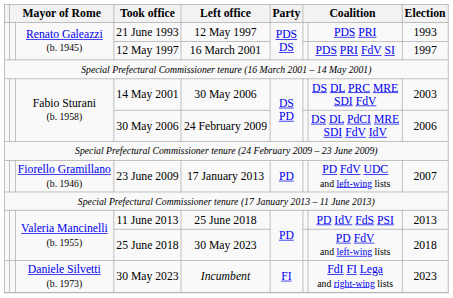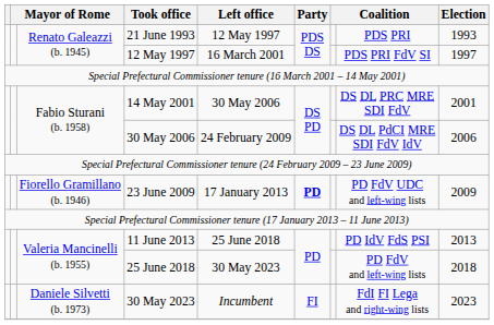 <table class="wikitable" style="text-align: center;">
 <tr>
 <th><br></th>
 <th colspan="2">Mayor of Rome</th>
 <th>Took office</th>
 <th>Left office</th>
 <th>Party</th>
 <th colspan="2">Coalition</th>
 <th>Election</th>
 </tr>
 <tr>
 <td rowspan="2" style="background: "><strong></strong></td>
 <td rowspan="2"></td>
 <td rowspan="2"><a href='#'>Renato Galeazzi</a><br><small>(b. 1945)</small></td>
 <td>21 June 1993</td>
 <td>12 May 1997</td>
 <td rowspan="2"><a href='#'>PDS</a><br><a href='#'>DS</a></td>
 <td style="background: "></td>
 <td><a href='#'>PDS</a>  <a href='#'>PRI</a></td>
 <td>1993</td>
 </tr>
 <tr>
 <td>12 May 1997</td>
 <td>16 March 2001</td>
 <td style="background: "></td>
 <td><a href='#'>PDS</a>  <a href='#'>PRI</a>  <a href='#'>FdV</a>  <a href='#'>SI</a></td>
 <td>1997</td>
 </tr>
 <tr>
 <td colspan="10"><small><em>Special Prefectural Commissioner tenure (16 March 2001 – 14 May 2001)</em></small></td>
 </tr>
 <tr>
 <td rowspan="2" style="background: "><strong></strong></td>
 <td rowspan="2"></td>
 <td rowspan="2">Fabio Sturani<br><small>(b. 1958)</small></td>
 <td>14 May 2001</td>
 <td>30 May 2006</td>
 <td rowspan="2"><a href='#'>DS</a><br><a href='#'>PD</a></td>
 <td style="background: "></td>
 <td><a href='#'>DS</a>  <a href='#'>DL</a>  <a href='#'>PRC</a>  <a href='#'>MRE</a><br><a href='#'>SDI</a>  <a href='#'>FdV</a></td>
-<td>2003</td>
+<td>2001</td>
 </tr>
 <tr>
 <td>30 May 2006</td>
 <td>24 February 2009</td>
 <td style="background: "></td>
 <td><a href='#'>DS</a>  <a href='#'>DL</a>  <a href='#'>PdCI</a>  <a href='#'>MRE</a><br><a href='#'>SDI</a>  <a href='#'>FdV</a>  <a href='#'>IdV</a></td>
 <td>2006</td>
 </tr>
 <tr>
 <td colspan="10"><small><em>Special Prefectural Commissioner tenure (24 February 2009 – 23 June 2009)</em></small></td>
 </tr>
 <tr>
 <td style="background: "><strong></strong></td>
 <td></td>
 <td><a href='#'>Fiorello Gramillano</a><br><small>(b. 1946)</small></td>
 <td>23 June 2009</td>
 <td>17 January 2013</td>
-<td><a href='#'>PD</a></td>
+<td><strong><a href='#'>PD</a></strong></td>
 <td style="background: "></td>
 <td><a href='#'>PD</a>  <a href='#'>FdV</a>  <a href='#'>UDC</a><br><small>and <a href='#'>left-wing</a> lists</small></td>
-<td>2007</td>
+<td>2009</td>
 </tr>
 <tr>
 <td colspan="10"><small><em>Special Prefectural Commissioner tenure (17 January 2013 – 11 June 2013)</em></small></td>
 </tr>
 <tr>
 <td rowspan="2" style="background: "><strong></strong></td>
 <td rowspan="2"></td>
 <td rowspan="2"><a href='#'>Valeria Mancinelli</a><br><small>(b. 1955)</small></td>
 <td>11 June 2013</td>
 <td>25 June 2018</td>
 <td rowspan="2"><a href='#'>PD</a></td>
 <td style="background: "></td>
 <td><a href='#'>PD</a>  <a href='#'>IdV</a>  <a href='#'>FdS</a>  <a href='#'>PSI</a></td>
 <td>2013</td>
 </tr>
 <tr>
 <td>25 June 2018</td>
 <td>30 May 2023</td>
 <td style="background: "></td>
 <td><a href='#'>PD</a>  <a href='#'>FdV</a><br><small>and <a href='#'>left-wing</a> lists</small></td>
 <td>2018</td>
 </tr>
 <tr>
 <td style="background: "><strong></strong></td>
 <td></td>
 <td><a href='#'>Daniele Silvetti</a><br><small>(b. 1973)</small></td>
 <td>30 May 2023</td>
 <td><em>Incumbent</em></td>
 <td><a href='#'>FI</a></td>
 <td style="background: "></td>
 <td><a href='#'>FdI</a>  <a href='#'>FI</a>  <a href='#'>Lega</a><br><small>and <a href='#'>right-wing</a> lists</small></td>
 <td>2023</td>
 </tr>
 <tr>
 </tr>
 </table>
